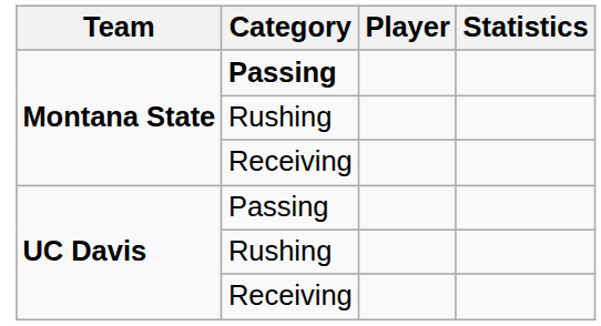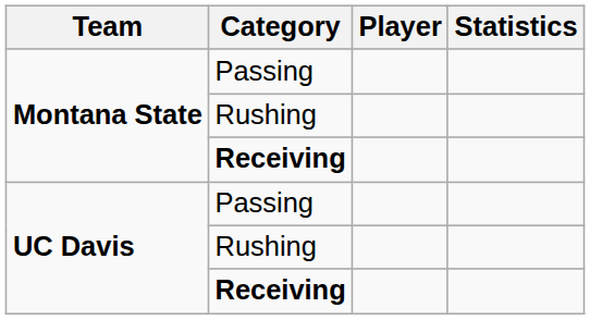 <table class="wikitable" style="float: right;">
 <tr>
 <th>Team</th>
 <th>Category</th>
 <th>Player</th>
 <th>Statistics</th>
 </tr>
 <tr>
 <td rowspan=3><strong>Montana State</strong></td>
-<td><strong>Passing</strong></td>
+<td>Passing</td>
 <td></td>
 <td></td>
 </tr>
 <tr>
 <td>Rushing</td>
 <td></td>
 <td></td>
 </tr>
 <tr>
-<td>Receiving</td>
+<td><strong>Receiving</strong></td>
 <td></td>
 <td></td>
 </tr>
 <tr>
 <td rowspan=3><strong>UC Davis</strong></td>
 <td>Passing</td>
 <td></td>
 <td></td>
 </tr>
 <tr>
 <td>Rushing</td>
 <td></td>
 <td></td>
 </tr>
 <tr>
-<td>Receiving</td>
+<td><strong>Receiving</strong></td>
 <td></td>
 <td></td>
 </tr>
 </table>
